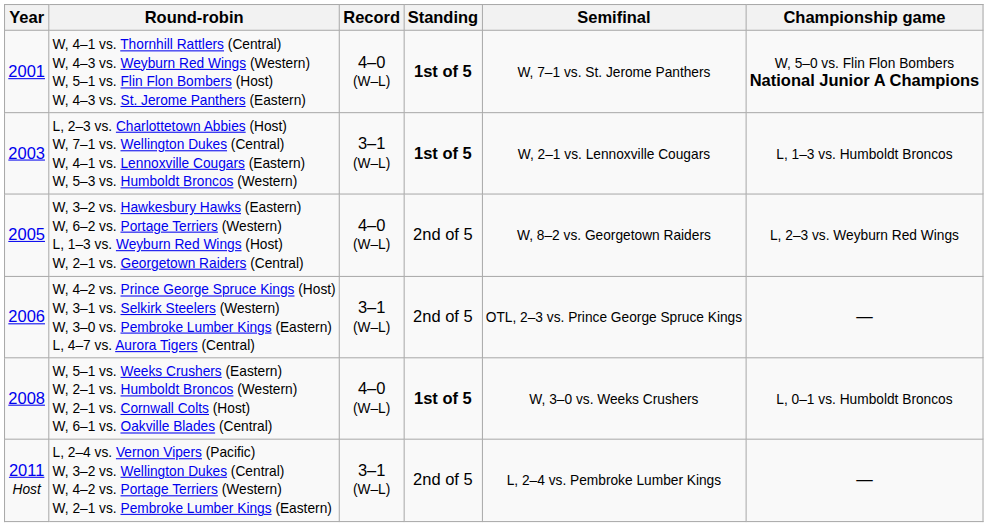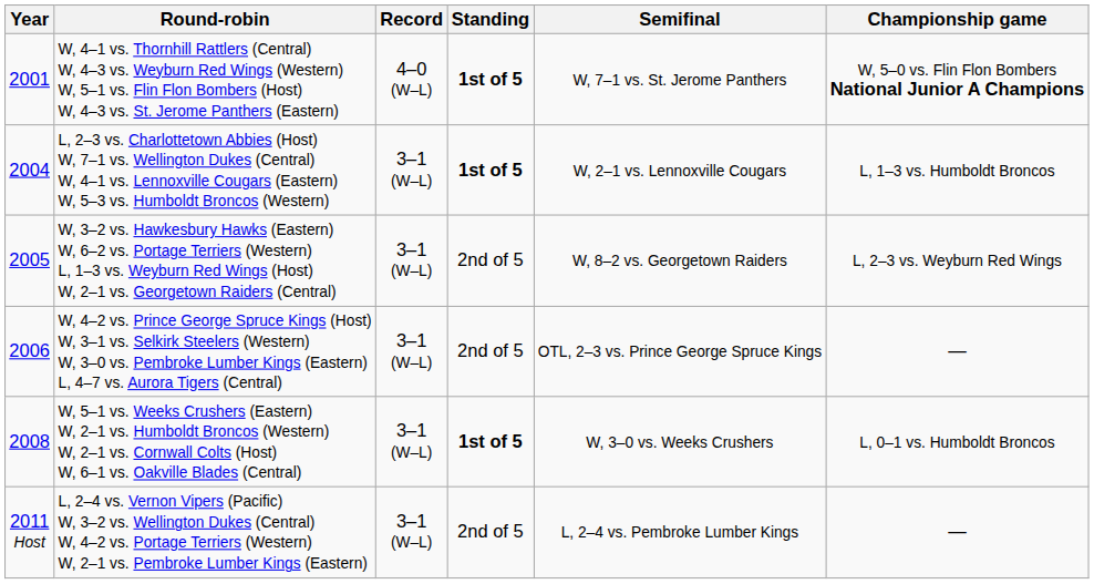 <table class="wikitable" style="text-align:center">
 <tr>
 <th>Year</th>
 <th>Round-robin</th>
 <th>Record</th>
 <th>Standing</th>
 <th>Semifinal</th>
 <th>Championship game</th>
 </tr>
 <tr>
 <td><a href='#'>2001</a></td>
 <td align=left><small>W, 4–1 vs. <a href='#'>Thornhill Rattlers</a> (Central)<br>W, 4–3 vs. <a href='#'>Weyburn Red Wings</a> (Western)<br>W, 5–1 vs. <a href='#'>Flin Flon Bombers</a> (Host)<br>W, 4–3 vs. <a href='#'>St. Jerome Panthers</a> (Eastern)</small></td>
 <td>4–0<br><small>(W–L)</small></td>
 <td><strong>1st of 5</strong></td>
 <td><small>W, 7–1 vs. St. Jerome Panthers</small></td>
 <td><small>W, 5–0 vs. Flin Flon Bombers</small><br><strong>National Junior A Champions</strong></td>
 </tr>
 <tr>
-<td><a href='#'>2003</a></td>
+<td><a href='#'>2004</a></td>
 <td align=left><small>L, 2–3 vs. <a href='#'>Charlottetown Abbies</a> (Host)<br>W, 7–1 vs. <a href='#'>Wellington Dukes</a> (Central)<br>W, 4–1 vs. <a href='#'>Lennoxville Cougars</a> (Eastern)<br>W, 5–3 vs. <a href='#'>Humboldt Broncos</a> (Western)</small></td>
 <td>3–1<br><small>(W–L)</small></td>
 <td><strong>1st of 5</strong></td>
 <td><small>W, 2–1 vs. Lennoxville Cougars</small></td>
 <td><small>L, 1–3 vs. Humboldt Broncos</small></td>
 </tr>
 <tr>
 <td><a href='#'>2005</a></td>
 <td align=left><small>W, 3–2 vs. <a href='#'>Hawkesbury Hawks</a> (Eastern)<br>W, 6–2 vs. <a href='#'>Portage Terriers</a> (Western)<br>L, 1–3 vs. <a href='#'>Weyburn Red Wings</a> (Host)<br>W, 2–1 vs. <a href='#'>Georgetown Raiders</a> (Central)</small></td>
-<td>4–0<br><small>(W–L)</small></td>
+<td>3–1<br><small>(W–L)</small></td>
 <td>2nd of 5</td>
 <td><small>W, 8–2 vs. Georgetown Raiders</small></td>
 <td><small>L, 2–3 vs. Weyburn Red Wings</small></td>
 </tr>
 <tr>
 <td><a href='#'>2006</a></td>
 <td align=left><small>W, 4–2 vs. <a href='#'>Prince George Spruce Kings</a> (Host)<br>W, 3–1 vs. <a href='#'>Selkirk Steelers</a> (Western)<br>W, 3–0 vs. <a href='#'>Pembroke Lumber Kings</a> (Eastern)<br>L, 4–7 vs. <a href='#'>Aurora Tigers</a> (Central)</small></td>
 <td>3–1<br><small>(W–L)</small></td>
 <td>2nd of 5</td>
 <td><small>OTL, 2–3 vs. Prince George Spruce Kings</small></td>
 <td>—</td>
 </tr>
 <tr>
 <td><a href='#'>2008</a></td>
 <td align=left><small>W, 5–1 vs. <a href='#'>Weeks Crushers</a> (Eastern)<br>W, 2–1 vs. <a href='#'>Humboldt Broncos</a> (Western)<br>W, 2–1 vs. <a href='#'>Cornwall Colts</a> (Host)<br>W, 6–1 vs. <a href='#'>Oakville Blades</a> (Central)</small></td>
-<td>4–0<br><small>(W–L)</small></td>
+<td>3–1<br><small>(W–L)</small></td>
 <td><strong>1st of 5</strong></td>
 <td><small>W, 3–0 vs. Weeks Crushers</small></td>
 <td><small>L, 0–1 vs. Humboldt Broncos</small></td>
 </tr>
 <tr>
 <td><a href='#'>2011</a><br><small><em>Host</em></small></td>
 <td align=left><small>L, 2–4 vs. <a href='#'>Vernon Vipers</a> (Pacific)<br>W, 3–2 vs. <a href='#'>Wellington Dukes</a> (Central)<br>W, 4–2 vs. <a href='#'>Portage Terriers</a> (Western)<br>W, 2–1 vs. <a href='#'>Pembroke Lumber Kings</a> (Eastern)</small></td>
 <td>3–1<br><small>(W–L)</small></td>
 <td>2nd of 5</td>
 <td><small>L, 2–4 vs. Pembroke Lumber Kings</small></td>
 <td>—</td>
 </tr>
 </table>
